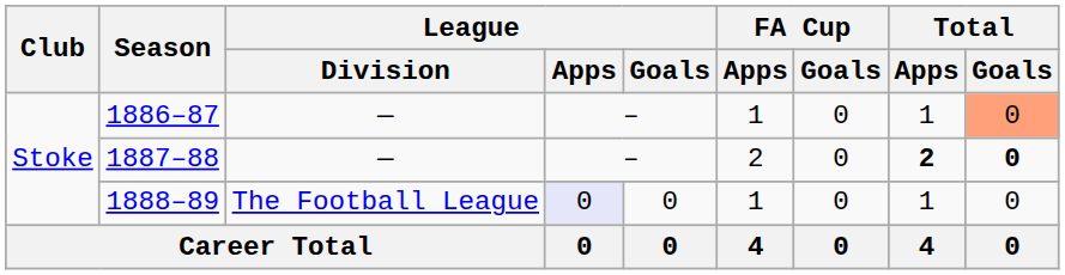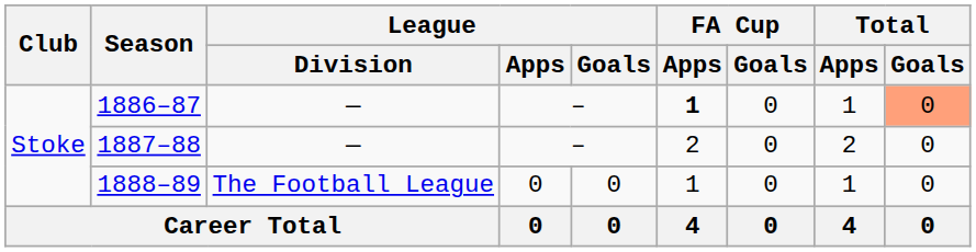 <table class="wikitable" style="text-align: center;">
 <tr>
 <th rowspan="2">Club</th>
 <th rowspan="2">Season</th>
 <th colspan="3">League</th>
 <th colspan="2">FA Cup</th>
 <th colspan="2">Total</th>
 </tr>
 <tr>
 <th>Division</th>
 <th>Apps</th>
 <th>Goals</th>
 <th>Apps</th>
 <th>Goals</th>
 <th>Apps</th>
 <th>Goals</th>
 </tr>
 <tr>
 <td rowspan="3"><a href='#'>Stoke</a></td>
 <td><a href='#'>1886–87</a></td>
 <td>—</td>
 <td colspan="2">–</td>
-<td>1</td>
+<td><strong>1</strong></td>
 <td>0</td>
 <td>1</td>
 <td style="background: lightsalmon;">0</td>
 </tr>
 <tr>
 <td><a href='#'>1887–88</a></td>
 <td>—</td>
 <td colspan="2">–</td>
 <td>2</td>
 <td>0</td>
-<td><strong>2</strong></td>
-<td><strong>0</strong></td>
+<td>2</td>
+<td>0</td>
 </tr>
 <tr>
 <td><a href='#'>1888–89</a></td>
 <td><a href='#'>The Football League</a></td>
-<td style="background: lavender;">0</td>
+<td>0</td>
 <td>0</td>
 <td>1</td>
 <td>0</td>
 <td>1</td>
 <td>0</td>
 </tr>
 <tr>
 <th colspan="3">Career Total</th>
 <th>0</th>
 <th>0</th>
 <th>4</th>
 <th>0</th>
 <th>4</th>
 <th>0</th>
 </tr>
 </table>
